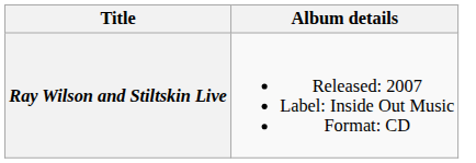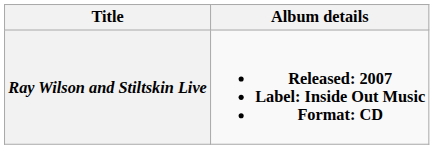 <table class="wikitable plainrowheaders" style="text-align:center;">
 <tr>
 <th>Title</th>
 <th>Album details</th>
 </tr>
 <tr>
 <th scope="row"><em>Ray Wilson and Stiltskin Live</em></th>
-<td><br><ul><li>Released: 2007</li><li>Label: Inside Out Music</li><li>Format: CD</li></ul></td>
+<td><strong><br><ul><li>Released: 2007</li><li>Label: Inside Out Music</li><li>Format: CD</li></ul></strong></td>
 </tr>
 </table>
